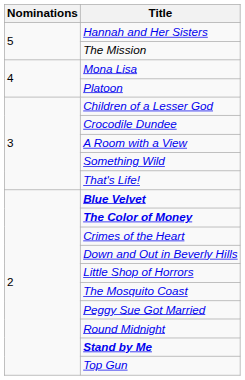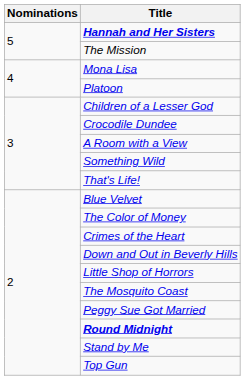 <table class="wikitable">
 <tr>
 <th>Nominations</th>
 <th>Title</th>
 </tr>
 <tr>
 <td rowspan="2">5</td>
-<td><em><a href='#'>Hannah and Her Sisters</a></em></td>
+<td><strong><em><a href='#'>Hannah and Her Sisters</a></em></strong></td>
 </tr>
 <tr>
 <td><em>The Mission</em></td>
 </tr>
 <tr>
 <td rowspan="2">4</td>
 <td><em><a href='#'>Mona Lisa</a></em></td>
 </tr>
 <tr>
 <td><em><a href='#'>Platoon</a></em></td>
 </tr>
 <tr>
 <td rowspan="5">3</td>
 <td><em><a href='#'>Children of a Lesser God</a></em></td>
 </tr>
 <tr>
 <td><em><a href='#'>Crocodile Dundee</a></em></td>
 </tr>
 <tr>
 <td><em><a href='#'>A Room with a View</a></em></td>
 </tr>
 <tr>
 <td><em><a href='#'>Something Wild</a></em></td>
 </tr>
 <tr>
 <td><em><a href='#'>That's Life!</a></em></td>
 </tr>
 <tr>
 <td rowspan="10">2</td>
-<td><strong><em><a href='#'>Blue Velvet</a></em></strong></td>
+<td><em><a href='#'>Blue Velvet</a></em></td>
 </tr>
 <tr>
-<td><strong><em><a href='#'>The Color of Money</a></em></strong></td>
+<td><em><a href='#'>The Color of Money</a></em></td>
 </tr>
 <tr>
 <td><em><a href='#'>Crimes of the Heart</a></em></td>
 </tr>
 <tr>
 <td><em><a href='#'>Down and Out in Beverly Hills</a></em></td>
 </tr>
 <tr>
 <td><em><a href='#'>Little Shop of Horrors</a></em></td>
 </tr>
 <tr>
 <td><em><a href='#'>The Mosquito Coast</a></em></td>
 </tr>
 <tr>
 <td><em><a href='#'>Peggy Sue Got Married</a></em></td>
 </tr>
 <tr>
-<td><em><a href='#'>Round Midnight</a></em></td>
+<td><strong><em><a href='#'>Round Midnight</a></em></strong></td>
 </tr>
 <tr>
-<td><strong><em><a href='#'>Stand by Me</a></em></strong></td>
+<td><em><a href='#'>Stand by Me</a></em></td>
 </tr>
 <tr>
 <td><em><a href='#'>Top Gun</a></em></td>
 </tr>
 </table>
